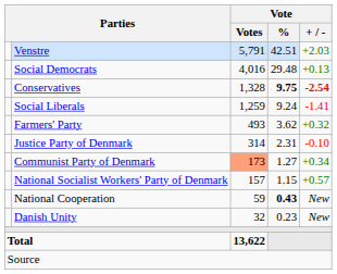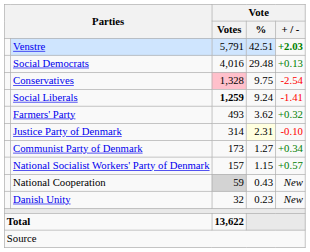 <table class="wikitable" style="text-align:right;">
 <tr>
 <th style="text-align:centre;" rowspan="2" colspan="2" width="225">Parties</th>
 <th colspan="3">Vote</th>
 </tr>
 <tr>
 <th width="15">Votes</th>
 <th width="15">%</th>
 <th width="15">+ / -</th>
 </tr>
 <tr>
 <td width="2" style="color:inherit;background:"></td>
 <td bgcolor=#cfe5fe  align="left"><a href='#'>Venstre</a></td>
 <td bgcolor=#cfe5fe>5,791</td>
 <td bgcolor=#cfe5fe>42.51</td>
-<td style=color:green;>+2.03</td>
+<td style=color:green;><strong>+2.03</strong></td>
 </tr>
 <tr>
 <td width="2" style="color:inherit;background:"></td>
 <td align="left"><a href='#'>Social Democrats</a></td>
 <td>4,016</td>
 <td>29.48</td>
 <td style=color:green;>+0.13</td>
 </tr>
 <tr>
 <td width="2" style="color:inherit;background:"></td>
 <td align="left"><a href='#'>Conservatives</a></td>
-<td>1,328</td>
-<td><strong>9.75</strong></td>
-<td style=color:red;><strong>-2.54</strong></td>
+<td style="background: pink;">1,328</td>
+<td>9.75</td>
+<td style=color:red;>-2.54</td>
 </tr>
 <tr>
 <td width="2" style="color:inherit;background:"></td>
 <td align="left"><a href='#'>Social Liberals</a></td>
-<td>1,259</td>
+<td><strong>1,259</strong></td>
 <td>9.24</td>
 <td style=color:red;>-1.41</td>
 </tr>
 <tr>
 <td width="2" style="color:inherit;background:"></td>
 <td align="left"><a href='#'>Farmers' Party</a></td>
 <td>493</td>
 <td>3.62</td>
 <td style=color:green;>+0.32</td>
 </tr>
 <tr>
 <td width="2" style="color:inherit;background:"></td>
 <td align="left"><a href='#'>Justice Party of Denmark</a></td>
 <td>314</td>
-<td>2.31</td>
+<td style="background: lightyellow;">2.31</td>
 <td style=color:red;>-0.10</td>
 </tr>
 <tr>
 <td width="2" style="color:inherit;background:"></td>
 <td align="left"><a href='#'>Communist Party of Denmark</a></td>
-<td style="background: lightsalmon;">173</td>
+<td>173</td>
 <td>1.27</td>
 <td style=color:green;>+0.34</td>
 </tr>
 <tr>
 <td width="2" style="color:inherit;background:"></td>
 <td align="left"><a href='#'>National Socialist Workers' Party of Denmark</a></td>
 <td>157</td>
 <td>1.15</td>
 <td style=color:green;>+0.57</td>
 </tr>
 <tr>
 <td width="2" style="color:inherit;background:"></td>
 <td align="left">National Cooperation</td>
-<td>59</td>
-<td><strong>0.43</strong></td>
+<td style="background: lightgrey;">59</td>
+<td>0.43</td>
 <td><em>New</em></td>
 </tr>
 <tr>
 <td width="2" style="color:inherit;background:"></td>
 <td align="left"><a href='#'>Danish Unity</a></td>
 <td>32</td>
 <td>0.23</td>
 <td><em>New</em></td>
 </tr>
 <tr>
 <td colspan="7" bgcolor="#E9E9E9"></td>
 </tr>
 <tr>
 <td align="left" colspan="2"><strong>Total</strong></td>
 <td><strong>13,622</strong></td>
 <td bgcolor="#E9E9E9" colspan="2"></td>
 </tr>
 <tr>
 <td align="left" colspan="6">Source</td>
 </tr>
 </table>
